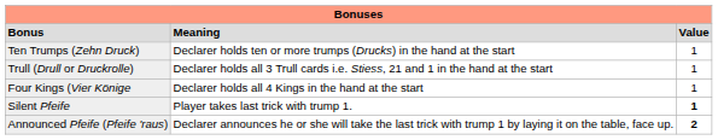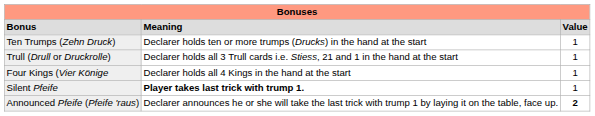 <table class="wikitable" align="float:left"  style="background-color:white">
 <tr style="background-color:#FF9980">
 <td colspan="3" align="center" width = "900px"><strong>Bonuses</strong></td>
 </tr>
 <tr style="background: #DDDDDD;">
 <td><strong>Bonus</strong></td>
 <td><strong>Meaning</strong></td>
 <td><strong>Value</strong></td>
 </tr>
 <tr>
 <td style="background:#efefef;">Ten Trumps (<em>Zehn Druck</em>)</td>
 <td>Declarer holds ten or more trumps (<em>Drucks</em>) in the hand at the start</td>
 <td align="center">1</td>
 </tr>
 <tr>
 <td style="background:#efefef;">Trull (<em>Drull</em> or <em>Druckrolle</em>)</td>
 <td>Declarer holds all 3 Trull cards i.e. <em>Stiess</em>, 21 and 1 in the hand at the start</td>
 <td align="center">1</td>
 </tr>
 <tr>
 <td style="background:#efefef;">Four Kings (<em>Vier Könige</em></td>
 <td>Declarer holds all 4 Kings in the hand at the start</td>
 <td align="center">1</td>
 </tr>
 <tr>
 <td style="background:#efefef;">Silent <em>Pfeife</em></td>
-<td>Player takes last trick with trump 1.</td>
-<td align="center"><strong>1</strong></td>
+<td><strong>Player takes last trick with trump 1.</strong></td>
+<td align="center">1</td>
 </tr>
 <tr>
 <td style="background:#efefef;">Announced <em>Pfeife</em> (<em>Pfeife 'raus</em>)</td>
 <td>Declarer announces he or she will take the last trick with trump 1 by laying it on the table, face up.</td>
 <td align="center"><strong>2</strong></td>
 </tr>
 </table>
